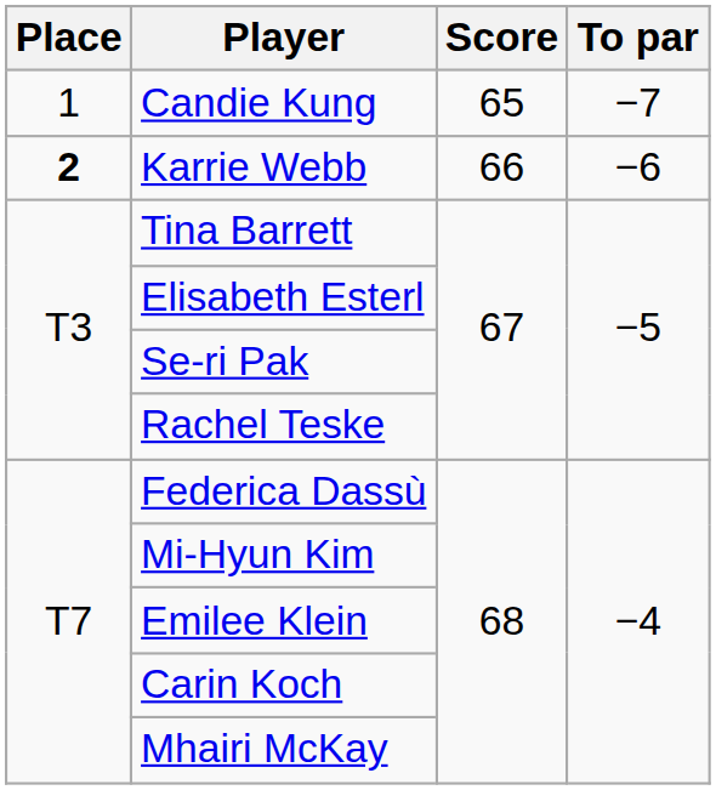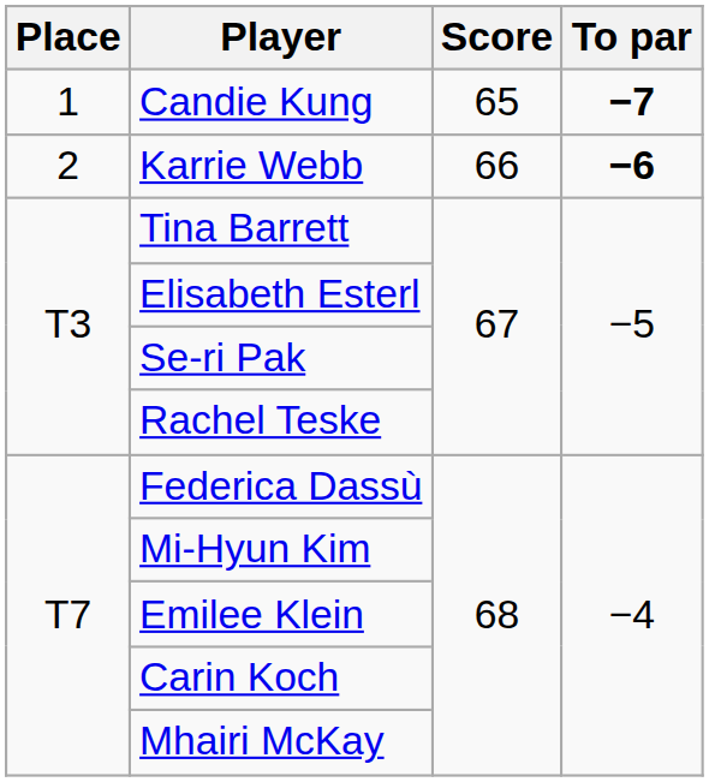 <table class="wikitable">
 <tr>
 <th>Place</th>
 <th>Player</th>
 <th>Score</th>
 <th>To par</th>
 </tr>
 <tr>
 <td align=center>1</td>
 <td> <a href='#'>Candie Kung</a></td>
 <td align=center>65</td>
-<td align=center>−7</td>
+<td align=center><strong>−7</strong></td>
 </tr>
 <tr>
-<td align=center><strong>2</strong></td>
+<td align=center>2</td>
 <td> <a href='#'>Karrie Webb</a></td>
 <td align=center>66</td>
-<td align=center>−6</td>
+<td align=center><strong>−6</strong></td>
 </tr>
 <tr>
 <td align=center rowspan=4>T3</td>
 <td> <a href='#'>Tina Barrett</a></td>
 <td align=center rowspan=4>67</td>
 <td align=center rowspan=4>−5</td>
 </tr>
 <tr>
 <td> <a href='#'>Elisabeth Esterl</a></td>
 </tr>
 <tr>
 <td> <a href='#'>Se-ri Pak</a></td>
 </tr>
 <tr>
 <td> <a href='#'>Rachel Teske</a></td>
 </tr>
 <tr>
 <td align=center rowspan=5>T7</td>
 <td> <a href='#'>Federica Dassù</a></td>
 <td align=center rowspan=5>68</td>
 <td align=center rowspan=5>−4</td>
 </tr>
 <tr>
 <td> <a href='#'>Mi-Hyun Kim</a></td>
 </tr>
 <tr>
 <td> <a href='#'>Emilee Klein</a></td>
 </tr>
 <tr>
 <td> <a href='#'>Carin Koch</a></td>
 </tr>
 <tr>
 <td> <a href='#'>Mhairi McKay</a></td>
 </tr>
 </table>
